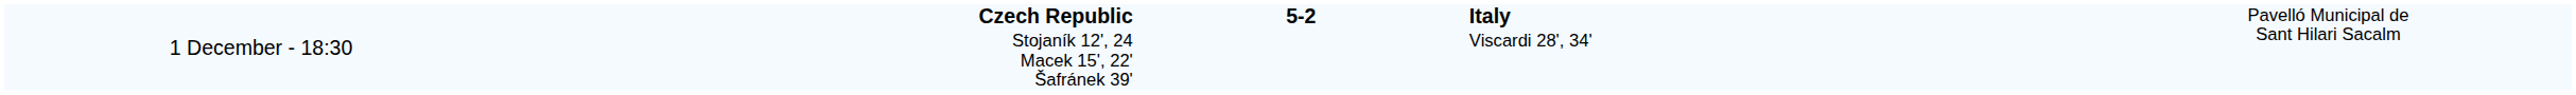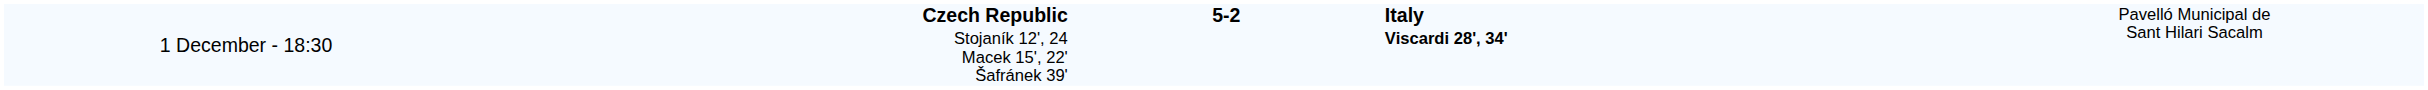 <table style="width: 100%; background:#F5FAFF;" cellspacing="0">
 <tr>
 <td align=center rowspan=3 width=20%>1 December - 18:30</td>
 </tr>
 <tr>
 <td width=24% align=right><strong>Czech Republic</strong> </td>
 <td align=center width=13%><strong>5-2</strong></td>
 <td width=24%> <strong>Italy</strong></td>
 <td style=font-size:85% rowspan=3 valign=top align=center>Pavelló Municipal de <br>Sant Hilari Sacalm</td>
 </tr>
 <tr style=font-size:85%>
 <td align=right valign=top>Stojaník 12', 24<br>Macek 15', 22'<br>Šafránek 39'</td>
 <td></td>
-<td valign=top>Viscardi 28', 34'</td>
+<td valign=top><strong>Viscardi 28', 34'</strong></td>
 </tr>
 </table>
